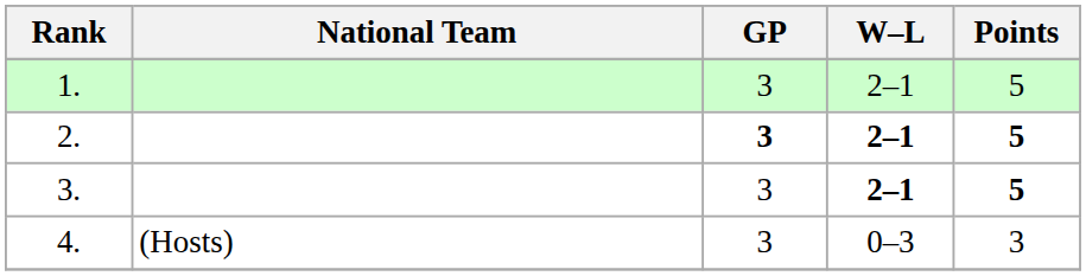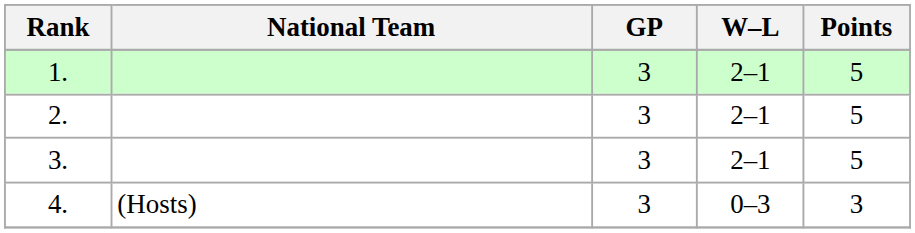 <table class=wikitable style="border:1px solid #AAAAAA;font-size:90%">
 <tr bgcolor="#EFEFEF">
 <th width=50>Rank</th>
 <th width=250>National Team</th>
 <th width=50>GP</th>
 <th width=50>W–L</th>
 <th width=50>Points</th>
 </tr>
 <tr align="center" valign="top" bgcolor="#FFFFFF">
 </tr>
 <tr bgcolor=#CCFFCC>
 <td align="center">1.</td>
 <td align="left"></td>
 <td align="center">3</td>
 <td align="center">2–1</td>
 <td align="center">5</td>
 </tr>
 <tr align="center" valign="top" bgcolor="#FFFFFF">
 <td>2.</td>
 <td align="left"></td>
-<td align="center"><strong>3</strong></td>
-<td align="center"><strong>2–1</strong></td>
-<td align="center"><strong>5</strong></td>
+<td align="center">3</td>
+<td align="center">2–1</td>
+<td align="center">5</td>
 </tr>
 <tr align="center" valign="top" bgcolor="#FFFFFF">
 <td>3.</td>
 <td align="left"></td>
 <td align="center">3</td>
-<td align="center"><strong>2–1</strong></td>
-<td align="center"><strong>5</strong></td>
+<td align="center">2–1</td>
+<td align="center">5</td>
 </tr>
 <tr align="center" valign="top" bgcolor="#FFFFFF">
 <td>4.</td>
 <td align="left"> (Hosts)</td>
 <td align="center">3</td>
 <td align="center">0–3</td>
 <td align="center">3</td>
 </tr>
 <tr align="center" valign="top" bgcolor="#FFFFFF">
 </tr>
 </table>
